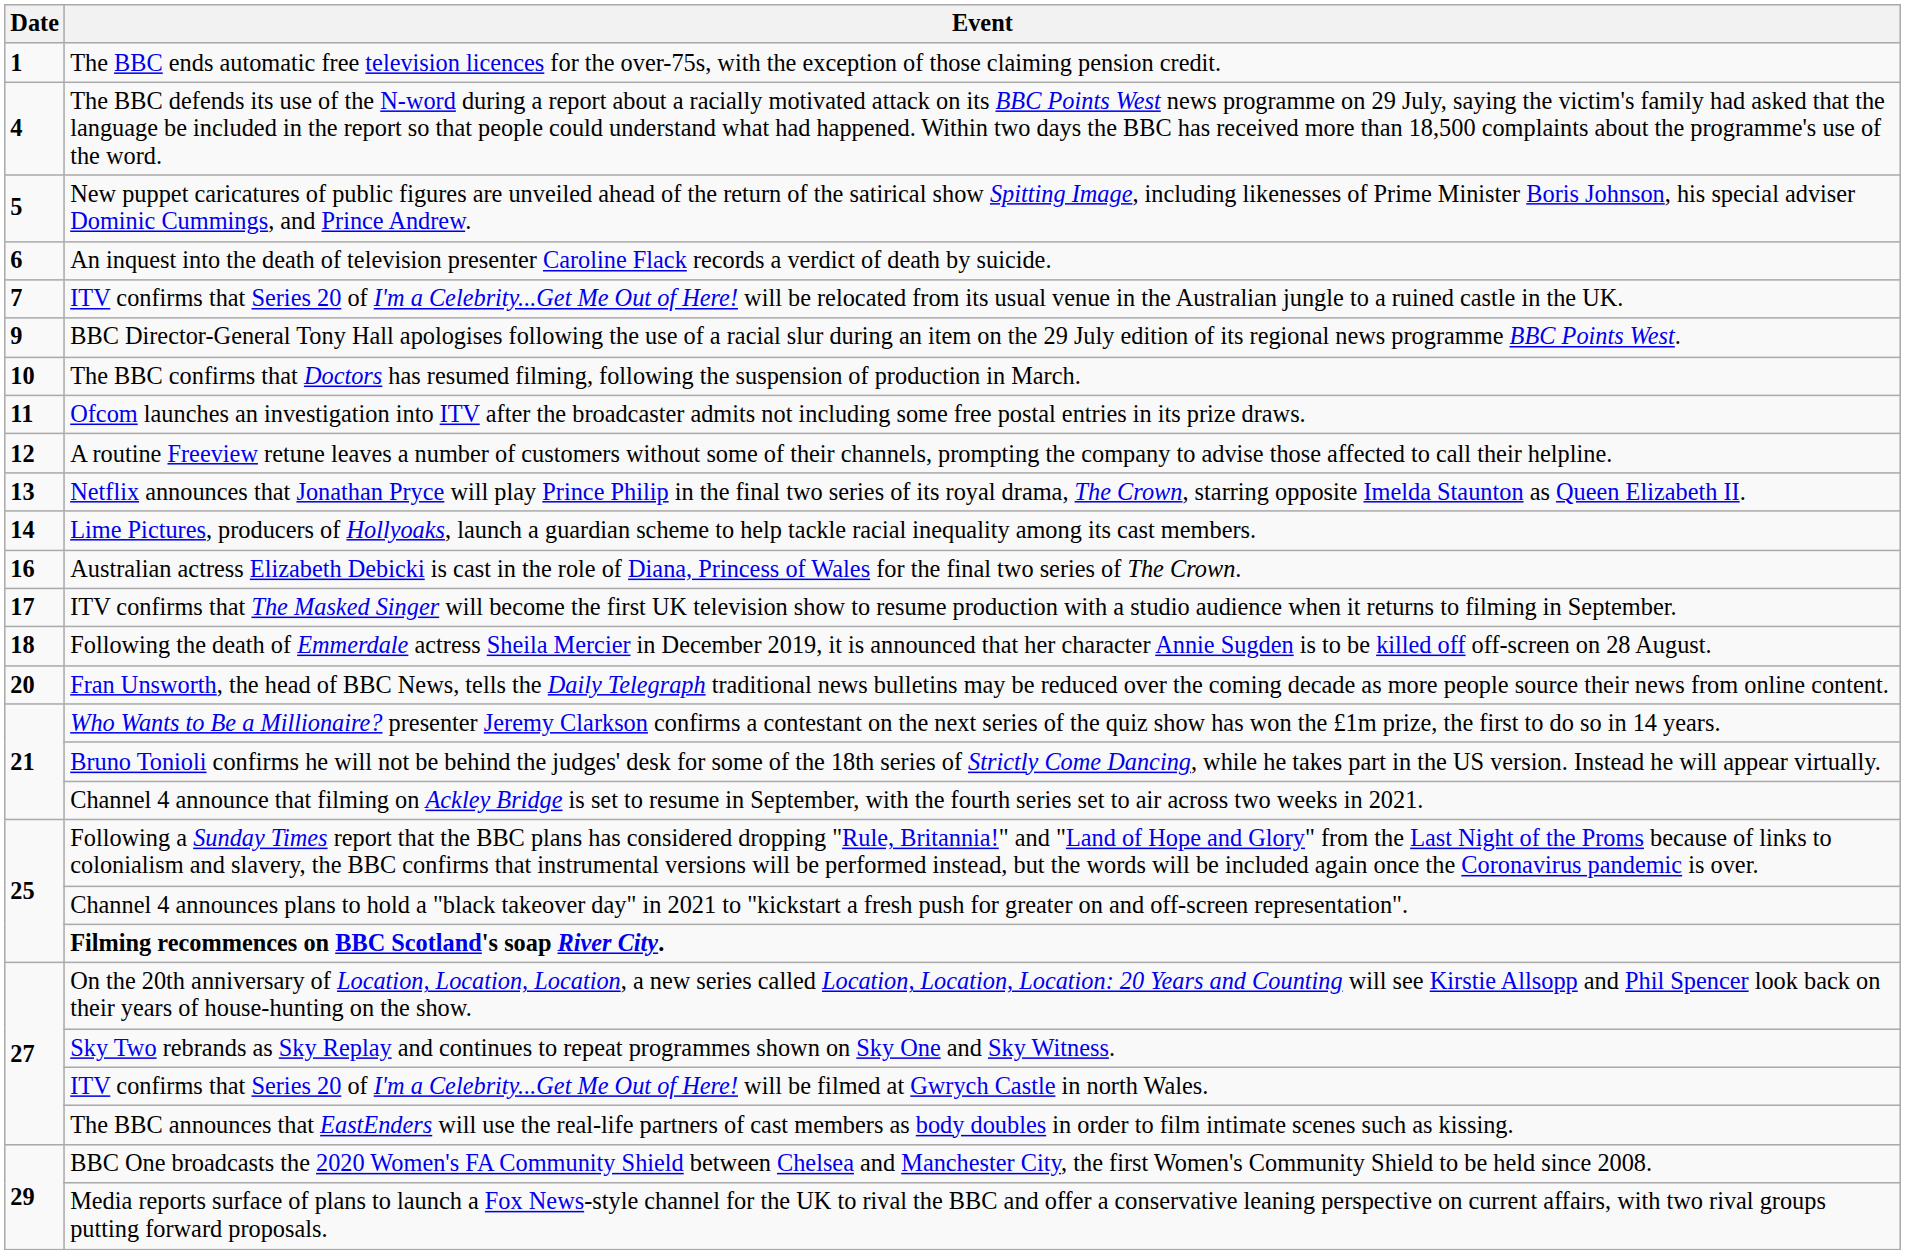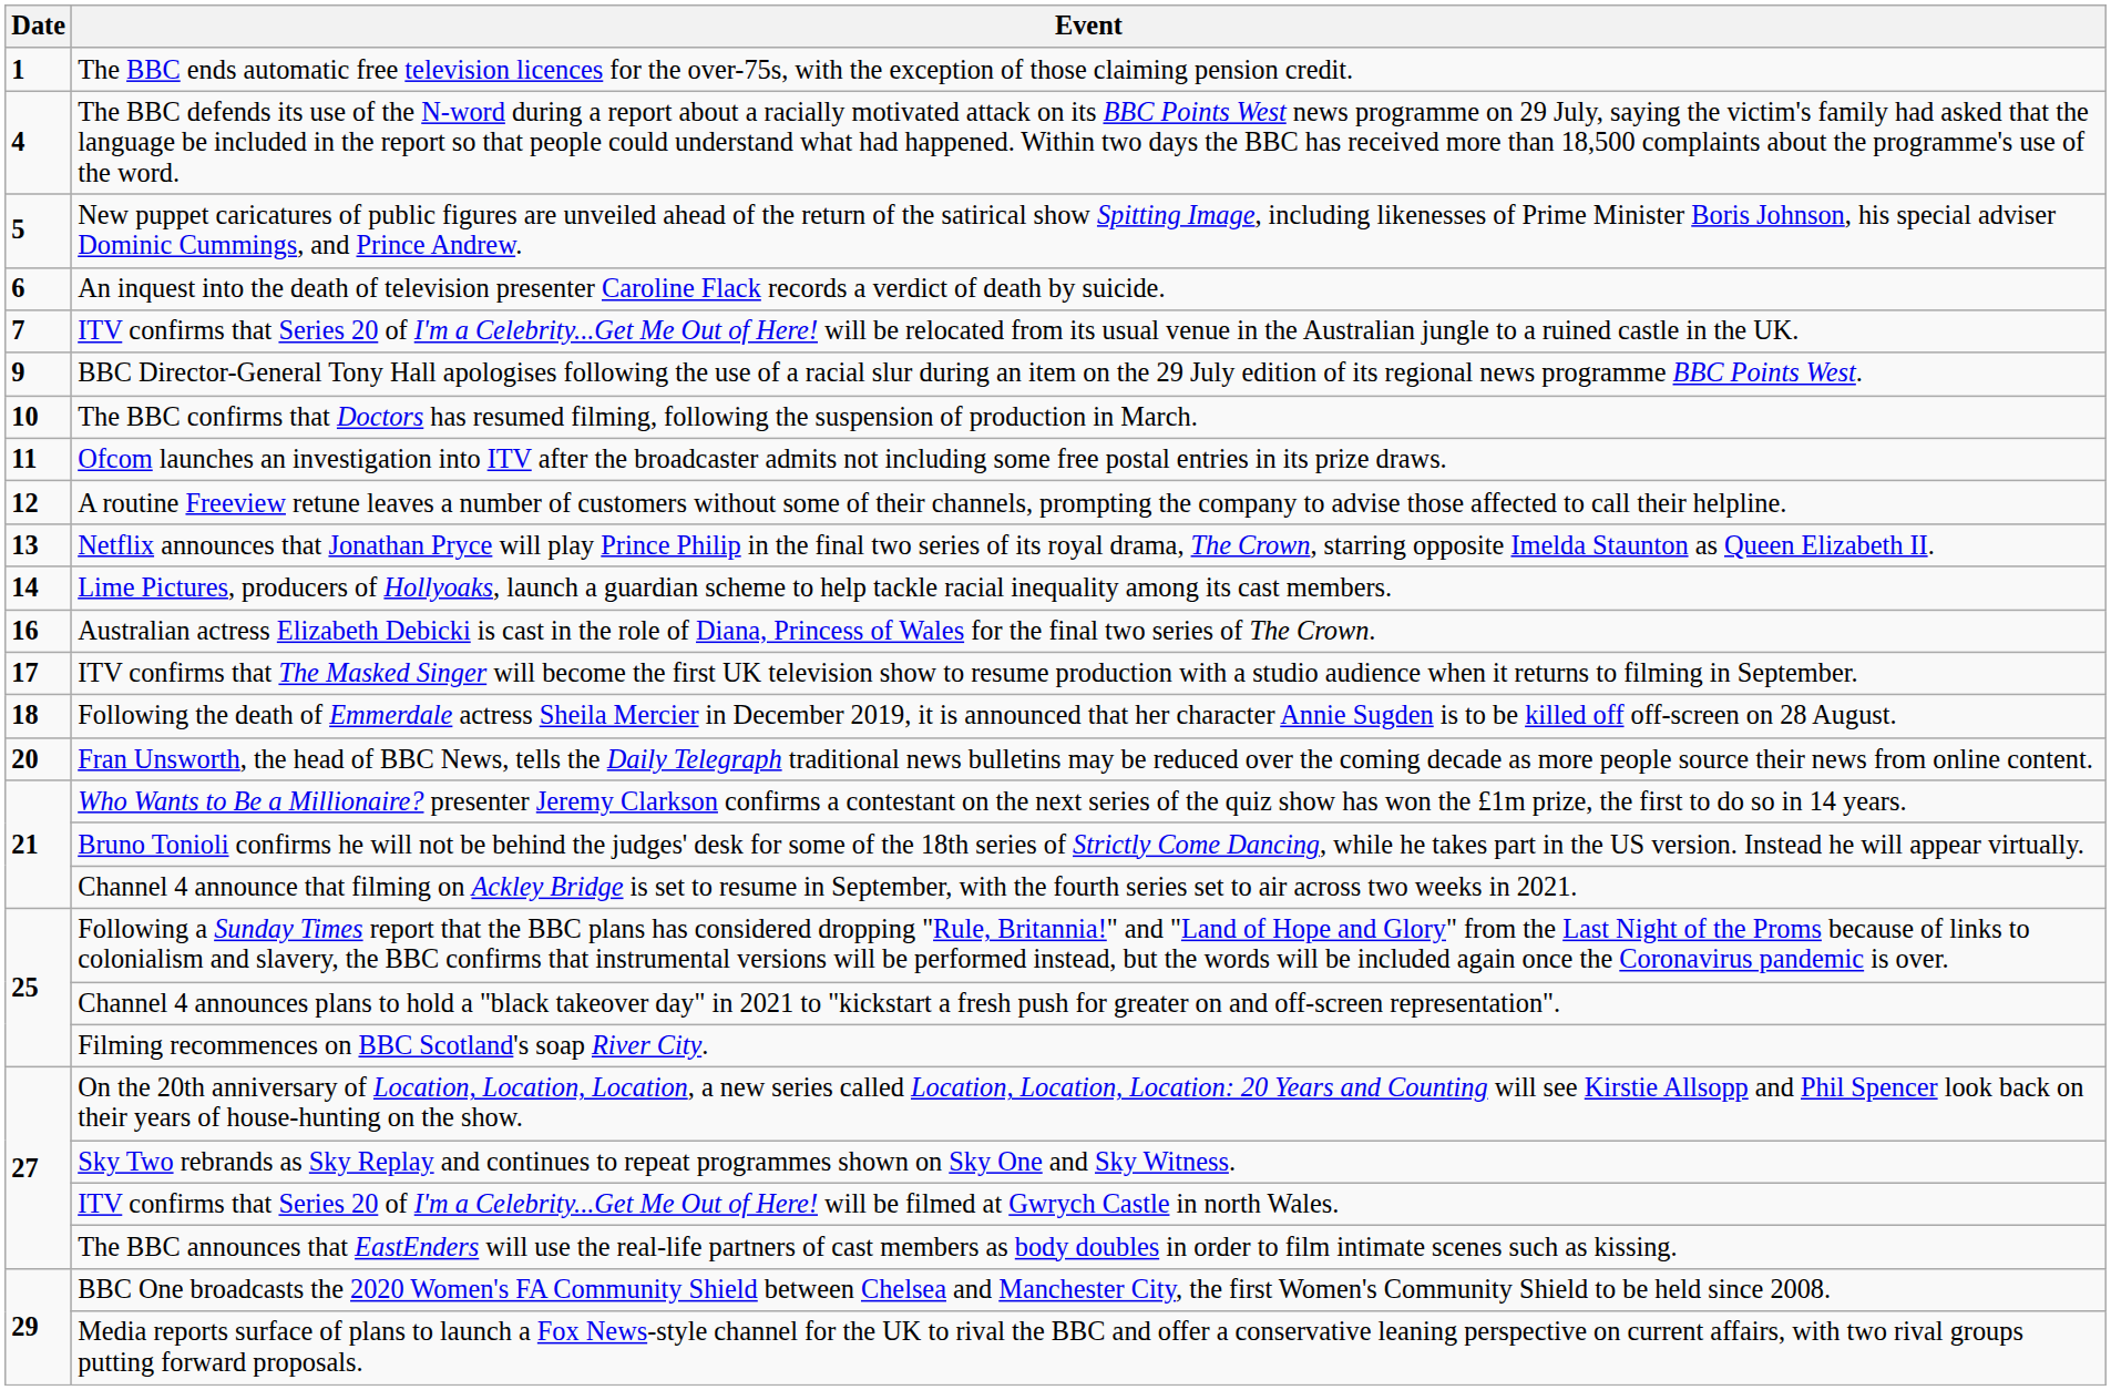 <table class="wikitable">
 <tr>
 <th>Date</th>
 <th>Event</th>
 </tr>
 <tr>
 <td><strong>1</strong></td>
 <td>The <a href='#'>BBC</a> ends automatic free <a href='#'>television licences</a> for the over-75s, with the exception of those claiming pension credit.</td>
 </tr>
 <tr>
 <td><strong>4</strong></td>
 <td>The BBC defends its use of the <a href='#'>N-word</a> during a report about a racially motivated attack on its <em><a href='#'>BBC Points West</a></em> news programme on 29 July, saying the victim's family had asked that the language be included in the report so that people could understand what had happened. Within two days the BBC has received more than 18,500 complaints about the programme's use of the word.</td>
 </tr>
 <tr>
 <td><strong>5</strong></td>
 <td>New puppet caricatures of public figures are unveiled ahead of the return of the satirical show <em><a href='#'>Spitting Image</a></em>, including likenesses of Prime Minister <a href='#'>Boris Johnson</a>, his special adviser <a href='#'>Dominic Cummings</a>, and <a href='#'>Prince Andrew</a>.</td>
 </tr>
 <tr>
 <td><strong>6</strong></td>
 <td>An inquest into the death of television presenter <a href='#'>Caroline Flack</a> records a verdict of death by suicide.</td>
 </tr>
 <tr>
 <td><strong>7</strong></td>
 <td><a href='#'>ITV</a> confirms that <a href='#'>Series 20</a> of <em><a href='#'>I'm a Celebrity...Get Me Out of Here!</a></em> will be relocated from its usual venue in the Australian jungle to a ruined castle in the UK.</td>
 </tr>
 <tr>
 <td><strong>9</strong></td>
 <td>BBC Director-General Tony Hall apologises following the use of a racial slur during an item on the 29 July edition of its regional news programme <em><a href='#'>BBC Points West</a></em>.</td>
 </tr>
 <tr>
 <td><strong>10</strong></td>
 <td>The BBC confirms that <em><a href='#'>Doctors</a></em> has resumed filming, following the suspension of production in March.</td>
 </tr>
 <tr>
 <td><strong>11</strong></td>
 <td><a href='#'>Ofcom</a> launches an investigation into <a href='#'>ITV</a> after the broadcaster admits not including some free postal entries in its prize draws.</td>
 </tr>
 <tr>
 <td><strong>12</strong></td>
 <td>A routine <a href='#'>Freeview</a> retune leaves a number of customers without some of their channels, prompting the company to advise those affected to call their helpline.</td>
 </tr>
 <tr>
 <td><strong>13</strong></td>
 <td><a href='#'>Netflix</a> announces that <a href='#'>Jonathan Pryce</a> will play <a href='#'>Prince Philip</a> in the final two series of its royal drama, <em><a href='#'>The Crown</a></em>, starring opposite <a href='#'>Imelda Staunton</a> as <a href='#'>Queen Elizabeth II</a>.</td>
 </tr>
 <tr>
 <td><strong>14</strong></td>
 <td><a href='#'>Lime Pictures</a>, producers of <em><a href='#'>Hollyoaks</a></em>, launch a guardian scheme to help tackle racial inequality among its cast members.</td>
 </tr>
 <tr>
 <td><strong>16</strong></td>
 <td>Australian actress <a href='#'>Elizabeth Debicki</a> is cast in the role of <a href='#'>Diana, Princess of Wales</a> for the final two series of <em>The Crown</em>.</td>
 </tr>
 <tr>
 <td><strong>17</strong></td>
 <td>ITV confirms that <em><a href='#'>The Masked Singer</a></em> will become the first UK television show to resume production with a studio audience when it returns to filming in September.</td>
 </tr>
 <tr>
 <td><strong>18</strong></td>
 <td>Following the death of <em><a href='#'>Emmerdale</a></em> actress <a href='#'>Sheila Mercier</a> in December 2019, it is announced that her character <a href='#'>Annie Sugden</a> is to be <a href='#'>killed off</a> off-screen on 28 August.</td>
 </tr>
 <tr>
 <td><strong>20</strong></td>
 <td><a href='#'>Fran Unsworth</a>, the head of BBC News, tells the <em><a href='#'>Daily Telegraph</a></em> traditional news bulletins may be reduced over the coming decade as more people source their news from online content.</td>
 </tr>
 <tr>
 <td rowspan=3><strong>21</strong></td>
 <td><em><a href='#'>Who Wants to Be a Millionaire?</a></em> presenter <a href='#'>Jeremy Clarkson</a> confirms a contestant on the next series of the quiz show has won the £1m prize, the first to do so in 14 years.</td>
 </tr>
 <tr>
 <td><a href='#'>Bruno Tonioli</a> confirms he will not be behind the judges' desk for some of the 18th series of <em><a href='#'>Strictly Come Dancing</a></em>, while he takes part in the US version. Instead he will appear virtually.</td>
 </tr>
 <tr>
 <td>Channel 4 announce that filming on <em><a href='#'>Ackley Bridge</a></em> is set to resume in September, with the fourth series set to air across two weeks in 2021.</td>
 </tr>
 <tr>
 <td rowspan=3><strong>25</strong></td>
 <td>Following a <em><a href='#'>Sunday Times</a></em> report that the BBC plans has considered dropping "<a href='#'>Rule, Britannia!</a>" and "<a href='#'>Land of Hope and Glory</a>" from the <a href='#'>Last Night of the Proms</a> because of links to colonialism and slavery, the BBC confirms that instrumental versions will be performed instead, but the words will be included again once the <a href='#'>Coronavirus pandemic</a> is over.</td>
 </tr>
 <tr>
 <td>Channel 4 announces plans to hold a "black takeover day" in 2021 to "kickstart a fresh push for greater on and off-screen representation".</td>
 </tr>
 <tr>
-<td><strong>Filming recommences on <a href='#'>BBC Scotland</a>'s soap <em><a href='#'>River City</a></em>.</strong></td>
+<td>Filming recommences on <a href='#'>BBC Scotland</a>'s soap <em><a href='#'>River City</a></em>.</td>
 </tr>
 <tr>
 <td rowspan=4><strong>27</strong></td>
 <td>On the 20th anniversary of <em><a href='#'>Location, Location, Location</a></em>, a new series called <em><a href='#'>Location, Location, Location: 20 Years and Counting</a></em> will see <a href='#'>Kirstie Allsopp</a> and <a href='#'>Phil Spencer</a> look back on their years of house-hunting on the show.</td>
 </tr>
 <tr>
 <td><a href='#'>Sky Two</a> rebrands as <a href='#'>Sky Replay</a> and continues to repeat programmes shown on <a href='#'>Sky One</a> and <a href='#'>Sky Witness</a>.</td>
 </tr>
 <tr>
 <td><a href='#'>ITV</a> confirms that <a href='#'>Series 20</a> of <em><a href='#'>I'm a Celebrity...Get Me Out of Here!</a></em> will be filmed at <a href='#'>Gwrych Castle</a> in north Wales.</td>
 </tr>
 <tr>
 <td>The BBC announces that <em><a href='#'>EastEnders</a></em> will use the real-life partners of cast members as <a href='#'>body doubles</a> in order to film intimate scenes such as kissing.</td>
 </tr>
 <tr>
 <td rowspan=2><strong>29</strong></td>
 <td>BBC One broadcasts the <a href='#'>2020 Women's FA Community Shield</a> between <a href='#'>Chelsea</a> and <a href='#'>Manchester City</a>, the first Women's Community Shield to be held since 2008.</td>
 </tr>
 <tr>
 <td>Media reports surface of plans to launch a <a href='#'>Fox News</a>-style channel for the UK to rival the BBC and offer a conservative leaning perspective on current affairs, with two rival groups putting forward proposals.</td>
 </tr>
 </table>
